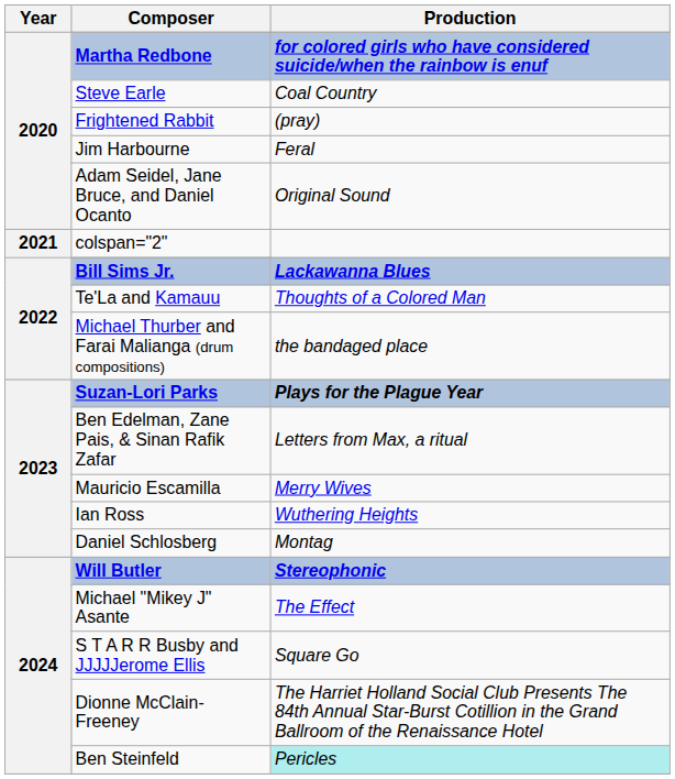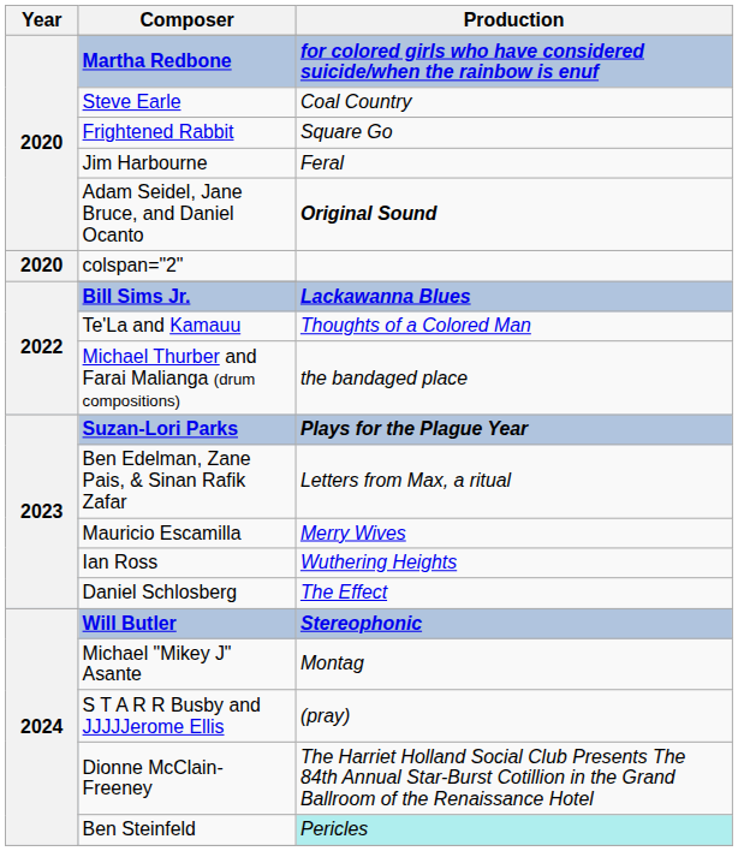 <table class="wikitable" style="width:98%;">
 <tr style="background:#bebebe;">
 <th style="width:10%;">Year</th>
 <th style="width:30%;">Composer</th>
 <th style="width:60%;">Production</th>
 </tr>
 <tr>
 <th rowspan="6">2020</th>
 </tr>
 <tr style="background:#B0C4DE">
 <td><strong><a href='#'>Martha Redbone</a></strong></td>
 <td><strong><em><a href='#'>for colored girls who have considered suicide/when the rainbow is enuf</a></em></strong></td>
 </tr>
 <tr>
 <td><a href='#'>Steve Earle</a></td>
 <td><em>Coal Country</em></td>
 </tr>
 <tr>
 <td><a href='#'>Frightened Rabbit</a></td>
-<td><em>(pray)</em></td>
+<td><em>Square Go</em></td>
 </tr>
 <tr>
 <td>Jim Harbourne</td>
 <td><em>Feral</em></td>
 </tr>
 <tr>
 <td>Adam Seidel, Jane Bruce, and Daniel Ocanto</td>
-<td><em>Original Sound</em></td>
+<td><strong><em>Original Sound</em></strong></td>
 </tr>
 <tr>
-<th>2021</th>
+<th>2020</th>
 <td>colspan="2" </td>
 </tr>
 <tr>
 <th rowspan="4">2022</th>
 </tr>
 <tr style="background:#B0C4DE">
 <td><strong><a href='#'>Bill Sims Jr.</a></strong></td>
 <td><strong><em><a href='#'>Lackawanna Blues</a></em></strong></td>
 </tr>
 <tr>
 <td>Te'La and <a href='#'>Kamauu</a></td>
 <td><em><a href='#'>Thoughts of a Colored Man</a></em></td>
 </tr>
 <tr>
 <td><a href='#'>Michael Thurber</a> and Farai Malianga <small>(drum compositions)</small></td>
 <td><em>the bandaged place</em></td>
 </tr>
 <tr style="background:#B0C4DE">
 <th rowspan="5">2023</th>
 <td><strong><a href='#'>Suzan-Lori Parks</a></strong></td>
 <td><strong><em>Plays for the Plague Year</em></strong></td>
 </tr>
 <tr>
 <td>Ben Edelman, Zane Pais, & Sinan Rafik Zafar</td>
 <td><em>Letters from Max, a ritual</em></td>
 </tr>
 <tr>
 <td>Mauricio Escamilla</td>
 <td><em><a href='#'>Merry Wives</a></em></td>
 </tr>
 <tr>
 <td>Ian Ross</td>
 <td><em><a href='#'>Wuthering Heights</a></em></td>
 </tr>
 <tr>
 <td>Daniel Schlosberg</td>
-<td><em>Montag</em></td>
+<td><em><a href='#'>The Effect</a></em></td>
 </tr>
 <tr style="background:#B0C4DE">
 <th rowspan="6">2024</th>
 <td><strong><a href='#'>Will Butler</a></strong></td>
 <td><strong><em><a href='#'> Stereophonic</a></em></strong></td>
 </tr>
 <tr>
 <td>Michael "Mikey J" Asante</td>
-<td><em><a href='#'>The Effect</a></em></td>
+<td><em>Montag</em></td>
 </tr>
 <tr>
 <td>S T A R R Busby and <a href='#'>JJJJJerome Ellis</a></td>
-<td><em>Square Go</em></td>
+<td><em>(pray)</em></td>
 </tr>
 <tr>
 <td>Dionne McClain-Freeney</td>
 <td><em>The Harriet Holland Social Club Presents The 84th Annual Star-Burst Cotillion in the Grand Ballroom of the Renaissance Hotel</em></td>
 </tr>
 <tr>
 <td>Ben Steinfeld</td>
 <td style="background: paleturquoise;"><em>Pericles</em></td>
 </tr>
 <tr>
 </tr>
 </table>
